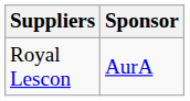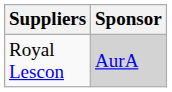 <table class="wikitable">
 <tr>
 <th>Suppliers</th>
 <th>Sponsor</th>
 </tr>
 <tr>
 <td> Royal<br> <a href='#'>Lescon</a></td>
-<td> <a href='#'>AurA</a></td>
+<td style="background: lightgrey;"> <a href='#'>AurA</a></td>
 </tr>
 </table>
